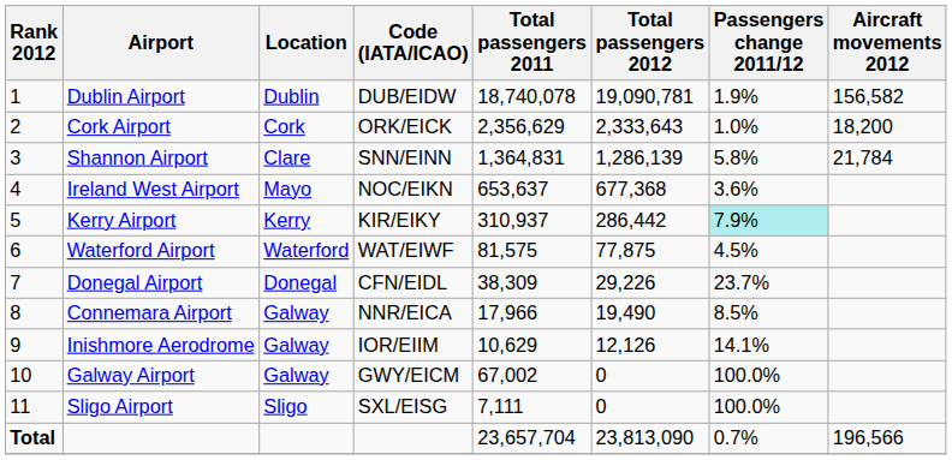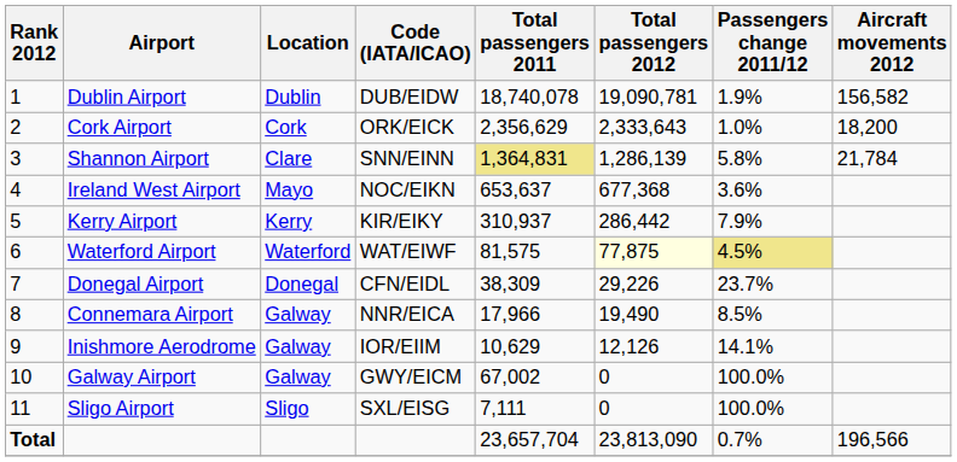 <table class="wikitable sortable">
 <tr>
 <th>Rank<br>2012</th>
 <th>Airport</th>
 <th>Location</th>
 <th>Code<br>(IATA/ICAO)</th>
 <th>Total<br>passengers<br>2011</th>
 <th>Total<br>passengers<br>2012</th>
 <th>Passengers<br>change<br>2011/12</th>
 <th>Aircraft<br>movements<br>2012</th>
 </tr>
 <tr>
 <td>1</td>
 <td><a href='#'>Dublin Airport</a></td>
 <td><a href='#'>Dublin</a></td>
 <td>DUB/EIDW</td>
 <td>18,740,078</td>
 <td>19,090,781</td>
 <td> 1.9%</td>
 <td>156,582</td>
 </tr>
 <tr>
 <td>2</td>
 <td><a href='#'>Cork Airport</a></td>
 <td><a href='#'>Cork</a></td>
 <td>ORK/EICK</td>
 <td>2,356,629</td>
 <td>2,333,643</td>
 <td> 1.0%</td>
 <td>18,200</td>
 </tr>
 <tr>
 <td>3</td>
 <td><a href='#'>Shannon Airport</a></td>
 <td><a href='#'>Clare</a></td>
 <td>SNN/EINN</td>
-<td>1,364,831</td>
+<td style="background: khaki;">1,364,831</td>
 <td>1,286,139</td>
 <td> 5.8%</td>
 <td>21,784</td>
 </tr>
 <tr>
 <td>4</td>
 <td><a href='#'>Ireland West Airport</a></td>
 <td><a href='#'>Mayo</a></td>
 <td>NOC/EIKN</td>
 <td>653,637</td>
 <td>677,368</td>
 <td> 3.6%</td>
 <td></td>
 </tr>
 <tr>
 <td>5</td>
 <td><a href='#'>Kerry Airport</a></td>
 <td><a href='#'>Kerry</a></td>
 <td>KIR/EIKY</td>
 <td>310,937</td>
 <td>286,442</td>
-<td style="background: paleturquoise;"> 7.9%</td>
+<td> 7.9%</td>
 <td></td>
 </tr>
 <tr>
 <td>6</td>
 <td><a href='#'>Waterford Airport</a></td>
 <td><a href='#'>Waterford</a></td>
 <td>WAT/EIWF</td>
 <td>81,575</td>
-<td>77,875</td>
-<td> 4.5%</td>
+<td style="background: lightyellow;">77,875</td>
+<td style="background: khaki;"> 4.5%</td>
 <td></td>
 </tr>
 <tr>
 <td>7 </td>
 <td><a href='#'>Donegal Airport</a></td>
 <td><a href='#'>Donegal</a></td>
 <td>CFN/EIDL</td>
 <td>38,309</td>
 <td>29,226</td>
 <td> 23.7%</td>
 <td></td>
 </tr>
 <tr>
 <td>8 </td>
 <td><a href='#'>Connemara Airport</a></td>
 <td><a href='#'>Galway</a></td>
 <td>NNR/EICA</td>
 <td>17,966</td>
 <td>19,490</td>
 <td> 8.5%</td>
 <td></td>
 </tr>
 <tr>
 <td>9 </td>
 <td><a href='#'>Inishmore Aerodrome</a></td>
 <td><a href='#'>Galway</a></td>
 <td>IOR/EIIM</td>
 <td>10,629</td>
 <td>12,126</td>
 <td> 14.1%</td>
 <td></td>
 </tr>
 <tr>
 <td>10 </td>
 <td><a href='#'>Galway Airport</a></td>
 <td><a href='#'>Galway</a></td>
 <td>GWY/EICM</td>
 <td>67,002</td>
 <td>0</td>
 <td> 100.0%</td>
 <td></td>
 </tr>
 <tr>
 <td>11</td>
 <td><a href='#'>Sligo Airport</a></td>
 <td><a href='#'>Sligo</a></td>
 <td>SXL/EISG</td>
 <td>7,111</td>
 <td>0</td>
 <td> 100.0%</td>
 <td></td>
 </tr>
 <tr>
 <td><strong>Total</strong></td>
 <td></td>
 <td></td>
 <td></td>
 <td>23,657,704</td>
 <td>23,813,090</td>
 <td> 0.7%</td>
 <td>196,566</td>
 </tr>
 <tr>
 </tr>
 </table>
